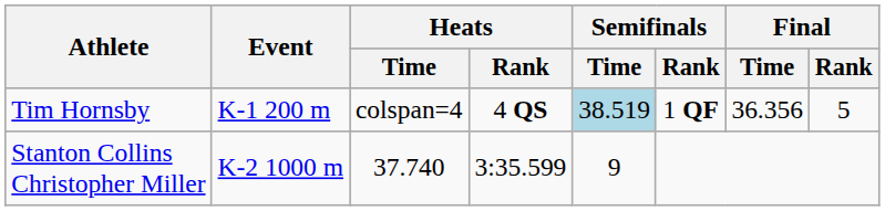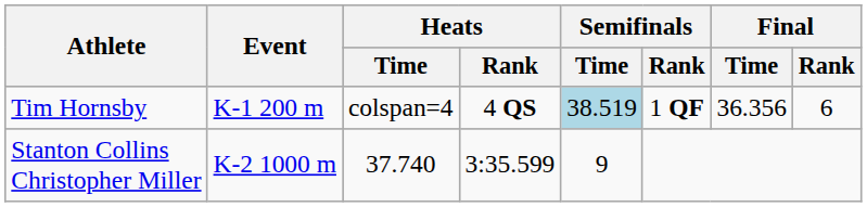 <table class=wikitable style="font-size:90%;">
 <tr>
 <th rowspan="2">Athlete</th>
 <th rowspan="2">Event</th>
 <th colspan=2>Heats</th>
 <th colspan=2>Semifinals</th>
 <th colspan=2>Final</th>
 </tr>
 <tr style="font-size:95%">
 <th>Time</th>
 <th>Rank</th>
 <th>Time</th>
 <th>Rank</th>
 <th>Time</th>
 <th>Rank</th>
 </tr>
 <tr align=center>
 <td align=left><a href='#'>Tim Hornsby</a></td>
 <td align=left><a href='#'>K-1 200 m</a></td>
 <td>colspan=4 </td>
 <td>4 <strong>QS</strong></td>
 <td style="background: lightblue;">38.519</td>
 <td>1 <strong>QF</strong></td>
 <td>36.356</td>
-<td>5</td>
+<td>6</td>
 </tr>
 <tr align=center>
 <td align=left><a href='#'>Stanton Collins</a><br><a href='#'>Christopher Miller</a></td>
 <td align=left><a href='#'>K-2 1000 m</a></td>
 <td>37.740</td>
 <td>3:35.599</td>
 <td>9</td>
 </tr>
 </table>
